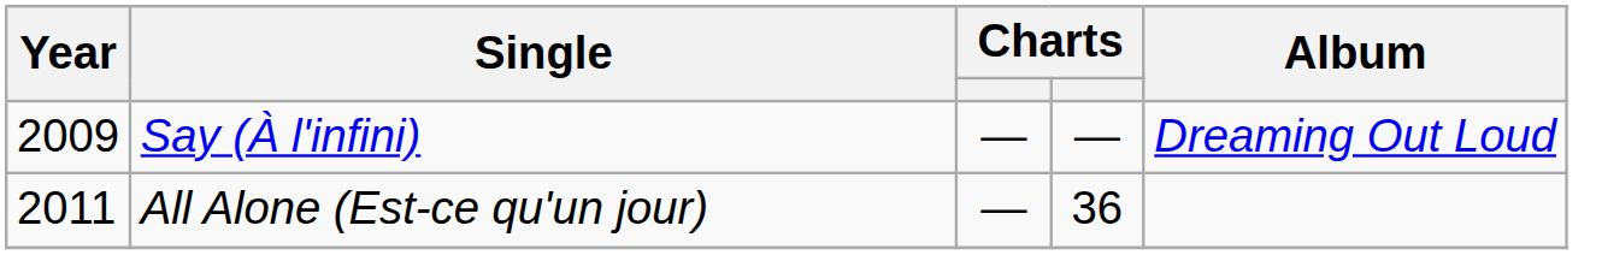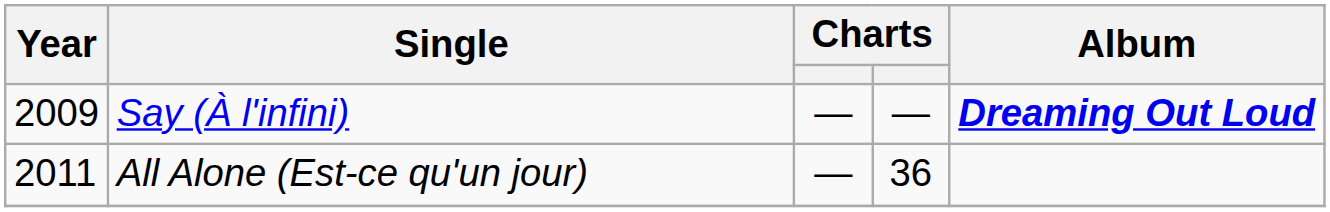 <table class="wikitable">
 <tr>
 <th rowspan=2>Year</th>
 <th rowspan=2>Single</th>
 <th colspan=2>Charts</th>
 <th rowspan=2>Album</th>
 </tr>
 <tr>
 <th width="25"></th>
 <th width="25"></th>
 </tr>
 <tr>
 <td>2009</td>
 <td width="280"><em><a href='#'>Say (À l'infini)</a></em> <br></td>
 <td align="center">—</td>
 <td align="center">—</td>
-<td align="center"><em><a href='#'>Dreaming Out Loud</a></em></td>
+<td align="center"><strong><em><a href='#'>Dreaming Out Loud</a></em></strong></td>
 </tr>
 <tr>
 <td>2011</td>
 <td width="280"><em>All Alone (Est-ce qu'un jour)</em> <br></td>
 <td align="center">—</td>
 <td align="center">36</td>
 <td align="center"></td>
 </tr>
 <tr>
 </tr>
 </table>
